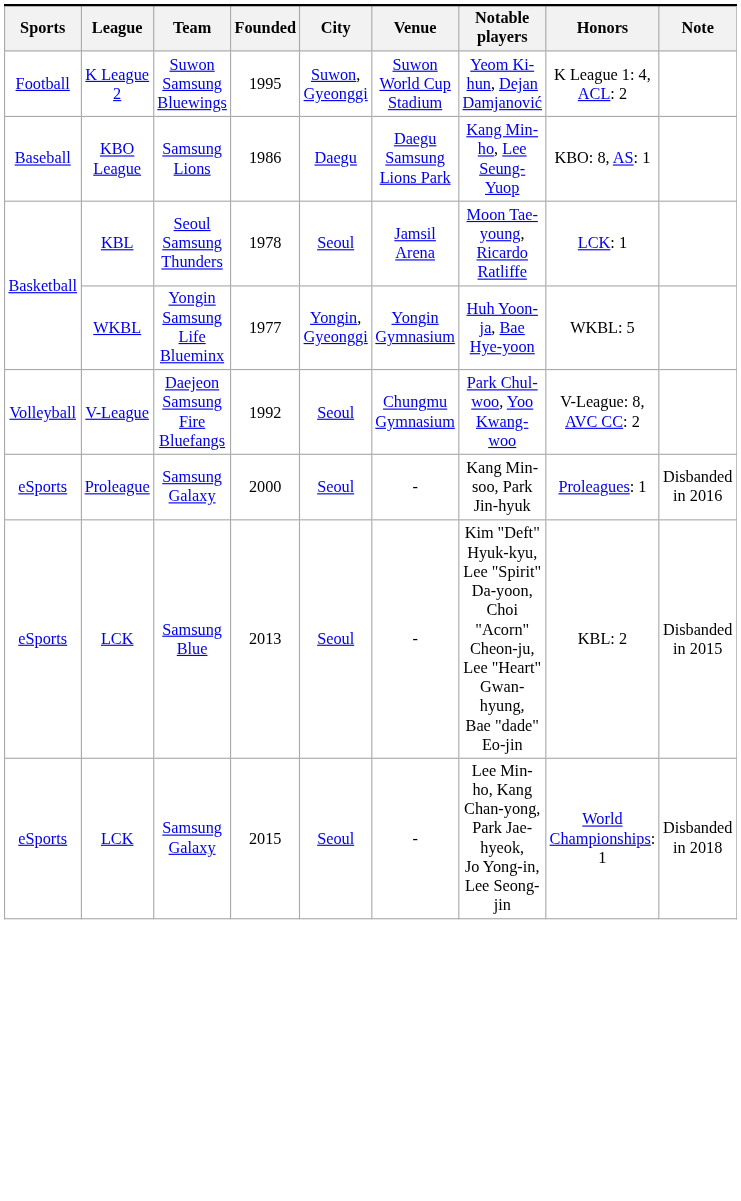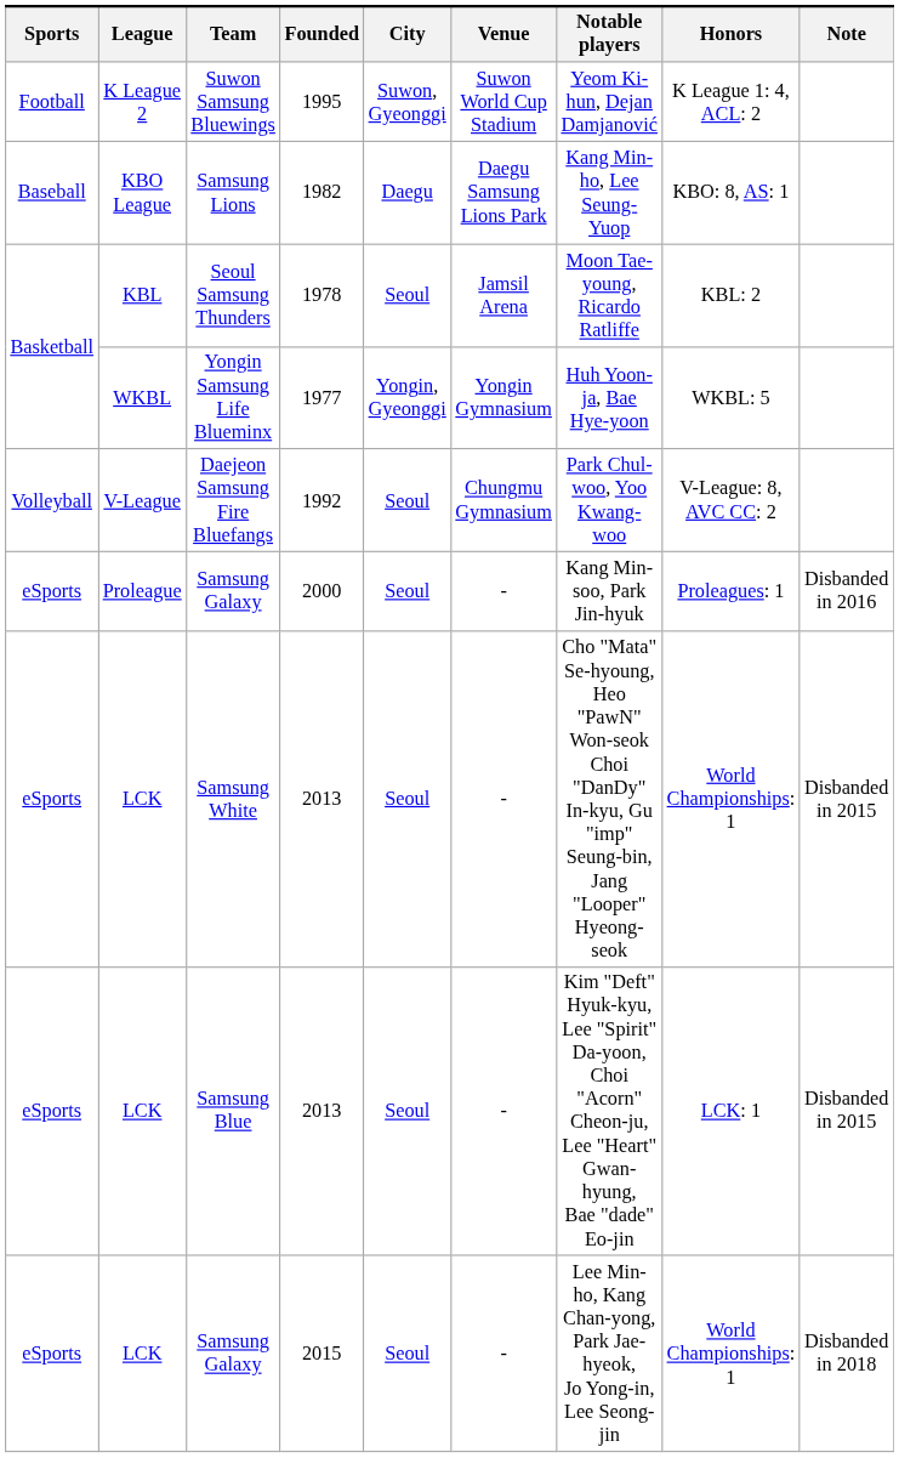 <table class="wikitable" style="font-size:90%;text-align:center;background:transparent">
 <tr style="border-bottom:solid 2px">
 </tr>
 <tr bgcolor="#efefef">
 <th>Sports</th>
 <th>League</th>
 <th>Team</th>
 <th>Founded</th>
 <th>City</th>
 <th>Venue</th>
 <th>Notable players</th>
 <th>Honors</th>
 <th>Note</th>
 </tr>
 <tr>
 <td><a href='#'>Football</a></td>
 <td><a href='#'>K League 2</a></td>
 <td><a href='#'>Suwon Samsung Bluewings</a></td>
 <td>1995</td>
 <td><a href='#'>Suwon</a>, <a href='#'>Gyeonggi</a></td>
 <td><a href='#'>Suwon World Cup Stadium</a></td>
 <td><a href='#'>Yeom Ki-hun</a>, <a href='#'>Dejan Damjanović</a></td>
 <td>K League 1: 4, <a href='#'>ACL</a>: 2</td>
 <td></td>
 </tr>
 <tr>
 <td><a href='#'>Baseball</a></td>
 <td><a href='#'>KBO League</a></td>
 <td><a href='#'>Samsung Lions</a></td>
-<td>1986</td>
+<td>1982</td>
 <td><a href='#'>Daegu</a></td>
 <td><a href='#'>Daegu Samsung Lions Park</a></td>
 <td><a href='#'>Kang Min-ho</a>, <a href='#'>Lee Seung-Yuop</a></td>
 <td>KBO: 8, <a href='#'>AS</a>: 1</td>
 <td></td>
 </tr>
 <tr>
 <td rowspan="2"><a href='#'>Basketball</a></td>
 <td><a href='#'>KBL</a></td>
 <td><a href='#'>Seoul Samsung Thunders</a></td>
 <td>1978</td>
 <td><a href='#'>Seoul</a></td>
 <td><a href='#'>Jamsil Arena</a></td>
 <td><a href='#'>Moon Tae-young</a>, <a href='#'>Ricardo Ratliffe</a></td>
-<td><a href='#'>LCK</a>: 1</td>
+<td>KBL: 2</td>
 <td></td>
 </tr>
 <tr>
 <td><a href='#'>WKBL</a></td>
 <td><a href='#'>Yongin Samsung Life Blueminx</a></td>
 <td>1977</td>
 <td><a href='#'>Yongin</a>, <a href='#'>Gyeonggi</a></td>
 <td><a href='#'>Yongin Gymnasium</a></td>
 <td><a href='#'>Huh Yoon-ja</a>, <a href='#'>Bae Hye-yoon</a></td>
 <td>WKBL: 5</td>
 <td></td>
 </tr>
 <tr>
 <td><a href='#'>Volleyball</a></td>
 <td><a href='#'>V-League</a></td>
 <td><a href='#'>Daejeon Samsung Fire Bluefangs</a></td>
 <td>1992</td>
 <td><a href='#'>Seoul</a></td>
 <td><a href='#'>Chungmu Gymnasium</a></td>
 <td><a href='#'>Park Chul-woo</a>, <a href='#'>Yoo Kwang-woo</a></td>
 <td>V-League: 8, <a href='#'>AVC CC</a>: 2</td>
 <td></td>
 </tr>
 <tr>
 <td><a href='#'>eSports</a></td>
 <td><a href='#'>Proleague</a></td>
 <td><a href='#'>Samsung Galaxy</a></td>
 <td>2000</td>
 <td><a href='#'>Seoul</a></td>
 <td>-</td>
 <td>Kang Min-soo, Park Jin-hyuk</td>
 <td><a href='#'>Proleagues</a>: 1</td>
 <td>Disbanded in 2016</td>
 </tr>
 <tr>
 <td><a href='#'>eSports</a></td>
 <td><a href='#'>LCK</a></td>
+<td><a href='#'>Samsung White</a></td>
+<td>2013</td>
+<td><a href='#'>Seoul</a></td>
+<td>-</td>
+<td>Cho "Mata" Se-hyoung, Heo "PawN" Won-seok<br>Choi "DanDy" In-kyu, Gu "imp" Seung-bin,<br>Jang "Looper" Hyeong-seok</td>
+<td><a href='#'>World Championships</a>: 1</td>
+<td>Disbanded in 2015</td>
+</tr>
+<tr>
+<td><a href='#'>eSports</a></td>
+<td><a href='#'>LCK</a></td>
 <td><a href='#'>Samsung Blue</a></td>
 <td>2013</td>
 <td><a href='#'>Seoul</a></td>
 <td>-</td>
 <td>Kim "Deft" Hyuk-kyu, Lee "Spirit" Da-yoon,<br>Choi "Acorn" Cheon-ju, Lee "Heart" Gwan-hyung,<br>Bae "dade" Eo-jin</td>
-<td>KBL: 2</td>
+<td><a href='#'>LCK</a>: 1</td>
 <td>Disbanded in 2015</td>
 </tr>
 <tr>
 <td><a href='#'>eSports</a></td>
 <td><a href='#'>LCK</a></td>
 <td><a href='#'>Samsung Galaxy</a></td>
 <td>2015</td>
 <td><a href='#'>Seoul</a></td>
 <td>-</td>
 <td>Lee Min-ho, Kang Chan-yong, Park Jae-hyeok,<br>Jo Yong-in, Lee Seong-jin</td>
 <td><a href='#'>World Championships</a>: 1</td>
 <td>Disbanded in 2018</td>
 </tr>
 </table>
